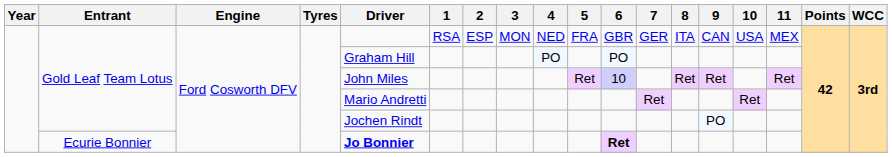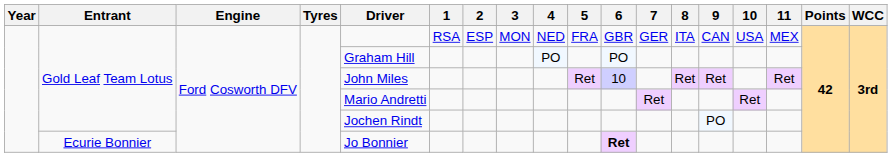 <table class="wikitable" style="text-align:center; font-size:95%">
 <tr>
 <th>Year</th>
 <th>Entrant</th>
 <th>Engine</th>
 <th>Tyres</th>
 <th>Driver</th>
 <th>1</th>
 <th>2</th>
 <th>3</th>
 <th>4</th>
 <th>5</th>
 <th>6</th>
 <th>7</th>
 <th>8</th>
 <th>9</th>
 <th>10</th>
 <th>11</th>
 <th>Points</th>
 <th>WCC</th>
 </tr>
 <tr>
 <td rowspan="6"></td>
 <td rowspan="5"><a href='#'>Gold Leaf</a> <a href='#'>Team Lotus</a></td>
 <td rowspan="6"><a href='#'>Ford</a> <a href='#'>Cosworth DFV</a></td>
 <td rowspan="6"></td>
 <td></td>
 <td><a href='#'>RSA</a></td>
 <td><a href='#'>ESP</a></td>
 <td><a href='#'>MON</a></td>
 <td><a href='#'>NED</a></td>
 <td><a href='#'>FRA</a></td>
 <td><a href='#'>GBR</a></td>
 <td><a href='#'>GER</a></td>
 <td><a href='#'>ITA</a></td>
 <td><a href='#'>CAN</a></td>
 <td><a href='#'>USA</a></td>
 <td><a href='#'>MEX</a></td>
 <td rowspan="6" style="background:#FFDF9F;"><strong>42</strong></td>
 <td rowspan="6" style="background:#FFDF9F;"><strong>3rd</strong></td>
 </tr>
 <tr>
 <td align="left"><a href='#'>Graham Hill</a></td>
 <td></td>
 <td></td>
 <td></td>
 <td bgcolor="#F1F8FF">PO</td>
 <td></td>
 <td bgcolor="#F1F8FF">PO</td>
 <td></td>
 <td></td>
 <td></td>
 <td></td>
 <td></td>
 </tr>
 <tr>
 <td align="left"><a href='#'>John Miles</a></td>
 <td></td>
 <td></td>
 <td></td>
 <td></td>
 <td bgcolor="#EFCFFF">Ret</td>
 <td bgcolor="#CFCFFF">10</td>
 <td></td>
 <td bgcolor="#EFCFFF">Ret</td>
 <td bgcolor="#EFCFFF">Ret</td>
 <td></td>
 <td bgcolor="#EFCFFF">Ret</td>
 </tr>
 <tr>
 <td align="left"><a href='#'>Mario Andretti</a></td>
 <td></td>
 <td></td>
 <td></td>
 <td></td>
 <td></td>
 <td></td>
 <td bgcolor="#EFCFFF">Ret</td>
 <td></td>
 <td></td>
 <td bgcolor="#EFCFFF">Ret</td>
 <td></td>
 </tr>
 <tr>
 <td align="left"><a href='#'>Jochen Rindt</a></td>
 <td></td>
 <td></td>
 <td></td>
 <td></td>
 <td></td>
 <td></td>
 <td></td>
 <td></td>
 <td bgcolor="#F1F8FF">PO</td>
 <td></td>
 <td></td>
 </tr>
 <tr>
 <td><a href='#'>Ecurie Bonnier</a></td>
-<td align="left"><strong><a href='#'>Jo Bonnier</a></strong></td>
+<td align="left"><a href='#'>Jo Bonnier</a></td>
 <td></td>
 <td></td>
 <td></td>
 <td></td>
 <td></td>
 <td bgcolor="#EFCFFF"><strong>Ret</strong></td>
 <td></td>
 <td></td>
 <td></td>
 <td></td>
 <td></td>
 </tr>
 </table>
